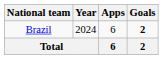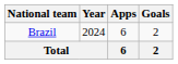 <table class="wikitable" style="text-align:center">
 <tr>
 <th>National team</th>
 <th>Year</th>
 <th>Apps</th>
 <th>Goals</th>
 </tr>
 <tr>
 <td><a href='#'>Brazil</a></td>
 <td>2024</td>
 <td>6</td>
-<td><strong>2</strong></td>
+<td>2</td>
 </tr>
 <tr>
 <th colspan="2">Total</th>
 <th>6</th>
 <th>2</th>
 </tr>
 </table>
